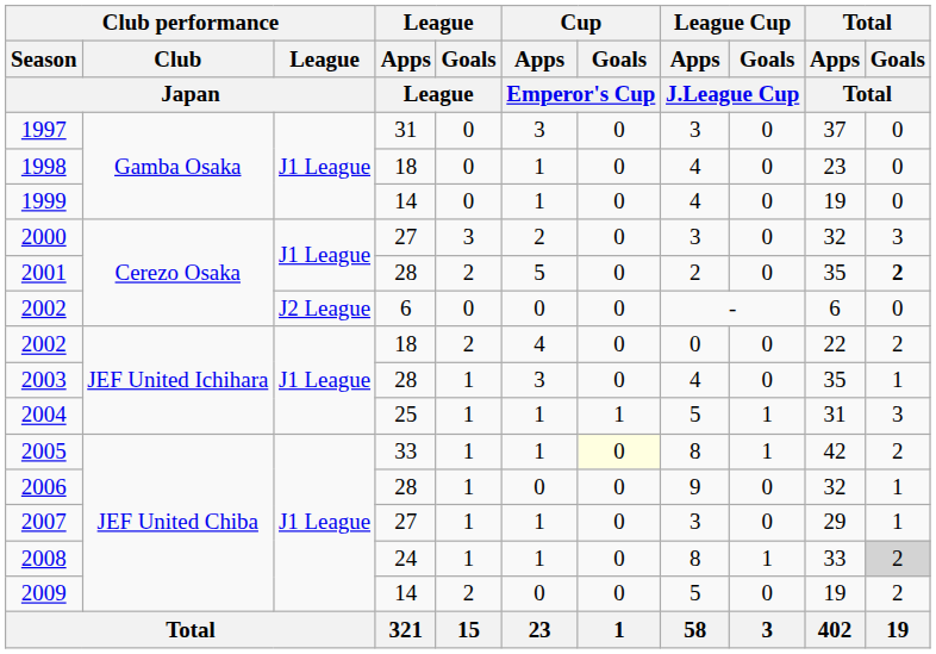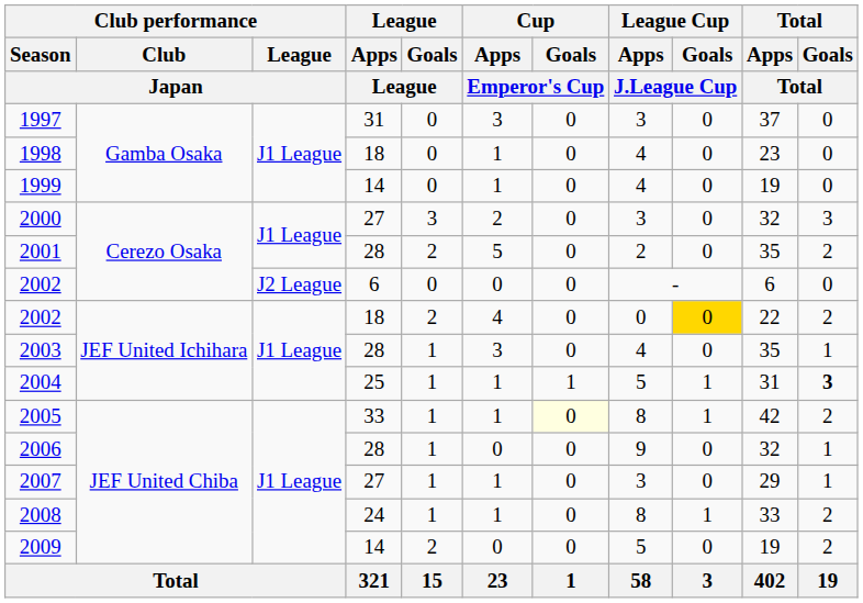 <table class="wikitable" style="text-align:center;">
 <tr>
 <th colspan=3>Club performance</th>
 <th colspan=2>League</th>
 <th colspan=2>Cup</th>
 <th colspan=2>League Cup</th>
 <th colspan=2>Total</th>
 </tr>
 <tr>
 <th>Season</th>
 <th>Club</th>
 <th>League</th>
 <th>Apps</th>
 <th>Goals</th>
 <th>Apps</th>
 <th>Goals</th>
 <th>Apps</th>
 <th>Goals</th>
 <th>Apps</th>
 <th>Goals</th>
 </tr>
 <tr>
 <th colspan=3>Japan</th>
 <th colspan=2>League</th>
 <th colspan=2><a href='#'>Emperor's Cup</a></th>
 <th colspan=2><a href='#'>J.League Cup</a></th>
 <th colspan=2>Total</th>
 </tr>
 <tr>
 <td><a href='#'>1997</a></td>
 <td rowspan="3"><a href='#'>Gamba Osaka</a></td>
 <td rowspan="3"><a href='#'>J1 League</a></td>
 <td>31</td>
 <td>0</td>
 <td>3</td>
 <td>0</td>
 <td>3</td>
 <td>0</td>
 <td>37</td>
 <td>0</td>
 </tr>
 <tr>
 <td><a href='#'>1998</a></td>
 <td>18</td>
 <td>0</td>
 <td>1</td>
 <td>0</td>
 <td>4</td>
 <td>0</td>
 <td>23</td>
 <td>0</td>
 </tr>
 <tr>
 <td><a href='#'>1999</a></td>
 <td>14</td>
 <td>0</td>
 <td>1</td>
 <td>0</td>
 <td>4</td>
 <td>0</td>
 <td>19</td>
 <td>0</td>
 </tr>
 <tr>
 <td><a href='#'>2000</a></td>
 <td rowspan="3"><a href='#'>Cerezo Osaka</a></td>
 <td rowspan="2"><a href='#'>J1 League</a></td>
 <td>27</td>
 <td>3</td>
 <td>2</td>
 <td>0</td>
 <td>3</td>
 <td>0</td>
 <td>32</td>
 <td>3</td>
 </tr>
 <tr>
 <td><a href='#'>2001</a></td>
 <td>28</td>
 <td>2</td>
 <td>5</td>
 <td>0</td>
 <td>2</td>
 <td>0</td>
 <td>35</td>
-<td><strong>2</strong></td>
+<td>2</td>
 </tr>
 <tr>
 <td><a href='#'>2002</a></td>
 <td><a href='#'>J2 League</a></td>
 <td>6</td>
 <td>0</td>
 <td>0</td>
 <td>0</td>
 <td colspan="2">-</td>
 <td>6</td>
 <td>0</td>
 </tr>
 <tr>
 <td><a href='#'>2002</a></td>
 <td rowspan="3"><a href='#'>JEF United Ichihara</a></td>
 <td rowspan="3"><a href='#'>J1 League</a></td>
 <td>18</td>
 <td>2</td>
 <td>4</td>
 <td>0</td>
 <td>0</td>
-<td>0</td>
+<td style="background: gold;">0</td>
 <td>22</td>
 <td>2</td>
 </tr>
 <tr>
 <td><a href='#'>2003</a></td>
 <td>28</td>
 <td>1</td>
 <td>3</td>
 <td>0</td>
 <td>4</td>
 <td>0</td>
 <td>35</td>
 <td>1</td>
 </tr>
 <tr>
 <td><a href='#'>2004</a></td>
 <td>25</td>
 <td>1</td>
 <td>1</td>
 <td>1</td>
 <td>5</td>
 <td>1</td>
 <td>31</td>
-<td>3</td>
+<td><strong>3</strong></td>
 </tr>
 <tr>
 <td><a href='#'>2005</a></td>
 <td rowspan="5"><a href='#'>JEF United Chiba</a></td>
 <td rowspan="5"><a href='#'>J1 League</a></td>
 <td>33</td>
 <td>1</td>
 <td>1</td>
 <td style="background: lightyellow;">0</td>
 <td>8</td>
 <td>1</td>
 <td>42</td>
 <td>2</td>
 </tr>
 <tr>
 <td><a href='#'>2006</a></td>
 <td>28</td>
 <td>1</td>
 <td>0</td>
 <td>0</td>
 <td>9</td>
 <td>0</td>
 <td>32</td>
 <td>1</td>
 </tr>
 <tr>
 <td><a href='#'>2007</a></td>
 <td>27</td>
 <td>1</td>
 <td>1</td>
 <td>0</td>
 <td>3</td>
 <td>0</td>
 <td>29</td>
 <td>1</td>
 </tr>
 <tr>
 <td><a href='#'>2008</a></td>
 <td>24</td>
 <td>1</td>
 <td>1</td>
 <td>0</td>
 <td>8</td>
 <td>1</td>
 <td>33</td>
-<td style="background: lightgrey;">2</td>
+<td>2</td>
 </tr>
 <tr>
 <td><a href='#'>2009</a></td>
 <td>14</td>
 <td>2</td>
 <td>0</td>
 <td>0</td>
 <td>5</td>
 <td>0</td>
 <td>19</td>
 <td>2</td>
 </tr>
 <tr>
 <th colspan=3>Total</th>
 <th>321</th>
 <th>15</th>
 <th>23</th>
 <th>1</th>
 <th>58</th>
 <th>3</th>
 <th>402</th>
 <th>19</th>
 </tr>
 </table>
